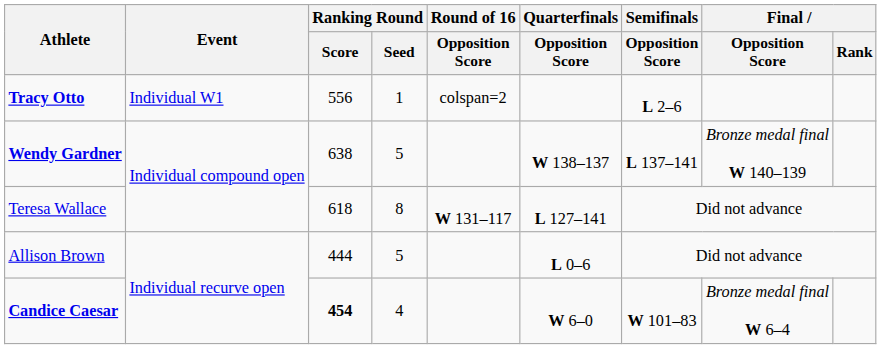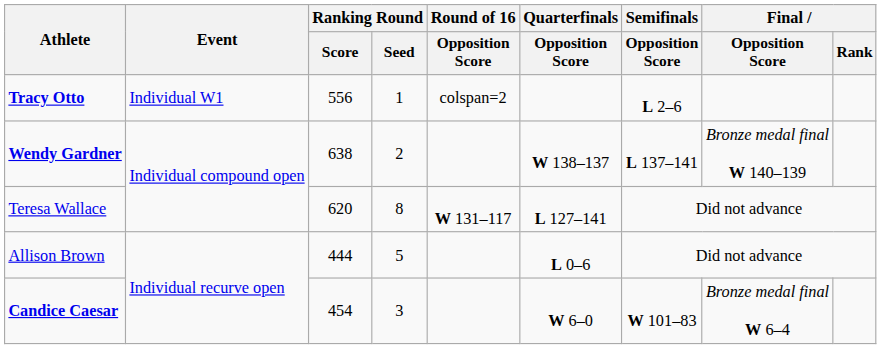 <table class=wikitable style=font-size:90%;text-align:center>
 <tr>
 <th rowspan=2>Athlete</th>
 <th rowspan=2>Event</th>
 <th colspan=2>Ranking Round</th>
 <th>Round of 16</th>
 <th>Quarterfinals</th>
 <th>Semifinals</th>
 <th colspan=2>Final / </th>
 </tr>
 <tr style=font-size:95%>
 <th>Score</th>
 <th>Seed</th>
 <th>Opposition<br>Score</th>
 <th>Opposition<br>Score</th>
 <th>Opposition<br>Score</th>
 <th>Opposition<br>Score</th>
 <th>Rank</th>
 </tr>
 <tr>
 <td align="left"><strong><a href='#'>Tracy Otto</a></strong></td>
 <td align="left"><a href='#'>Individual W1</a></td>
 <td>556</td>
 <td>1</td>
 <td>colspan=2 </td>
 <td></td>
 <td><br><strong>L</strong> 2–6</td>
 <td></td>
 </tr>
 <tr>
 <td align="left"><strong><a href='#'>Wendy Gardner</a></strong></td>
 <td rowspan="2" align="left"><a href='#'>Individual compound open</a></td>
 <td>638</td>
-<td>5</td>
+<td>2</td>
 <td></td>
 <td><br><strong>W</strong> 138–137</td>
 <td><br><strong>L</strong> 137–141</td>
 <td><em>Bronze medal final</em><br><br><strong>W</strong> 140–139</td>
 <td></td>
 </tr>
 <tr>
 <td align="left"><a href='#'>Teresa Wallace</a></td>
-<td>618</td>
+<td>620</td>
 <td>8</td>
 <td><br><strong>W</strong> 131–117</td>
 <td><br><strong>L</strong> 127–141</td>
 <td colspan=3>Did not advance</td>
 </tr>
 <tr>
 <td align="left"><a href='#'>Allison Brown</a></td>
 <td rowspan="2" align="left"><a href='#'>Individual recurve open</a></td>
 <td>444</td>
 <td>5</td>
 <td></td>
 <td><br><strong>L</strong> 0–6</td>
 <td colspan=3>Did not advance</td>
 </tr>
 <tr>
 <td align="left"><strong><a href='#'>Candice Caesar</a></strong></td>
-<td><strong>454</strong></td>
-<td>4</td>
+<td>454</td>
+<td>3</td>
 <td></td>
 <td><br><strong>W</strong> 6–0</td>
 <td><br><strong>W</strong> 101–83</td>
 <td><em>Bronze medal final</em><br><br><strong>W</strong> 6–4</td>
 <td></td>
 </tr>
 </table>
